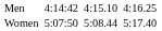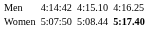 <table>
 <tr>
 <td>Men<br></td>
 <td></td>
 <td>4:14:42</td>
 <td></td>
 <td>4:15.10</td>
 <td></td>
 <td>4:16.25</td>
 </tr>
 <tr>
 <td>Women<br></td>
 <td></td>
 <td>5:07:50</td>
 <td></td>
 <td>5:08.44</td>
 <td></td>
-<td>5:17.40</td>
+<td><strong>5:17.40</strong></td>
 </tr>
 </table>
